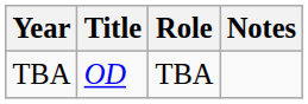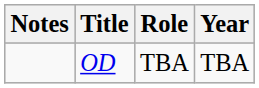 <table class="wikitable sortable">
 <tr>
-<th>Year</th>
+<th class="unsortable">Notes</th>
 <th>Title</th>
 <th>Role</th>
-<th class="unsortable">Notes</th>
+<th>Year</th>
 </tr>
 <tr>
-<td>TBA</td>
+<td></td>
 <td><em><a href='#'>OD</a></em></td>
 <td>TBA</td>
-<td></td>
+<td>TBA</td>
 </tr>
 </table>
